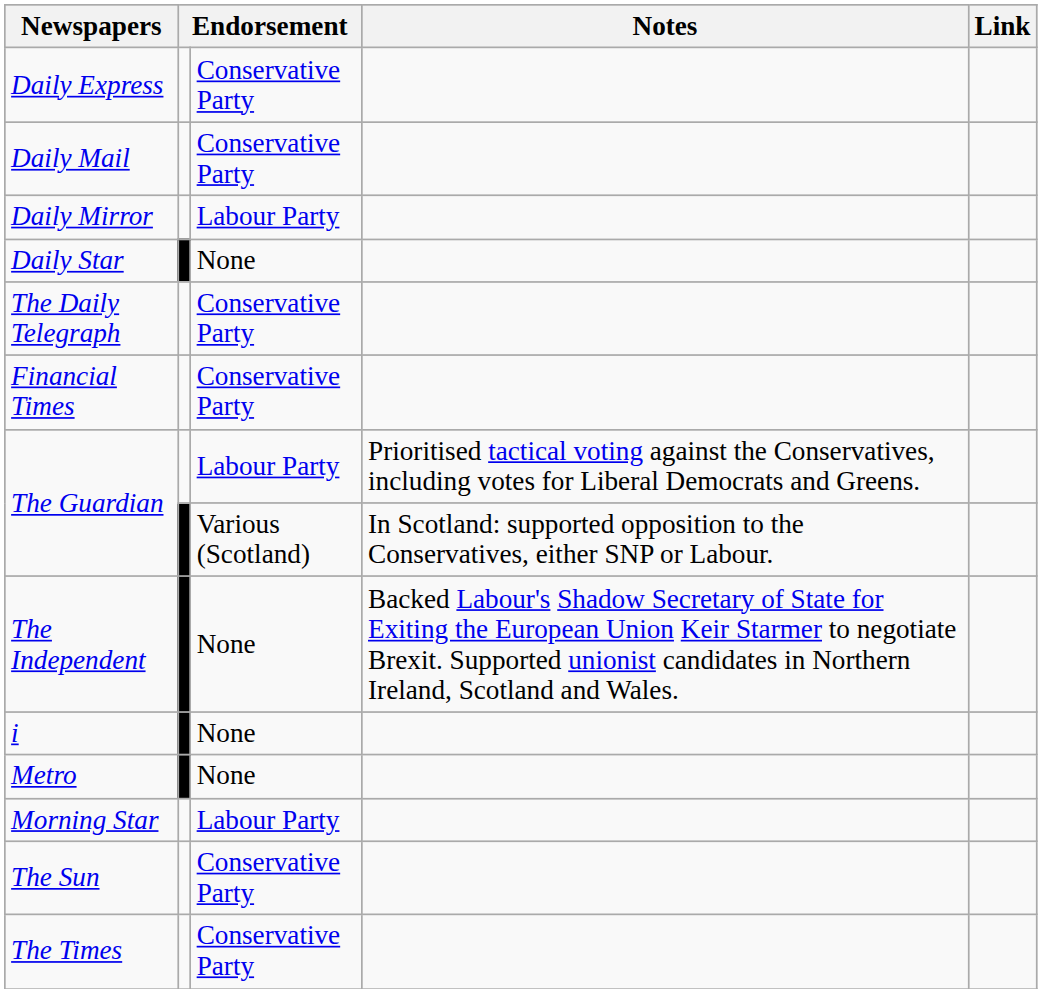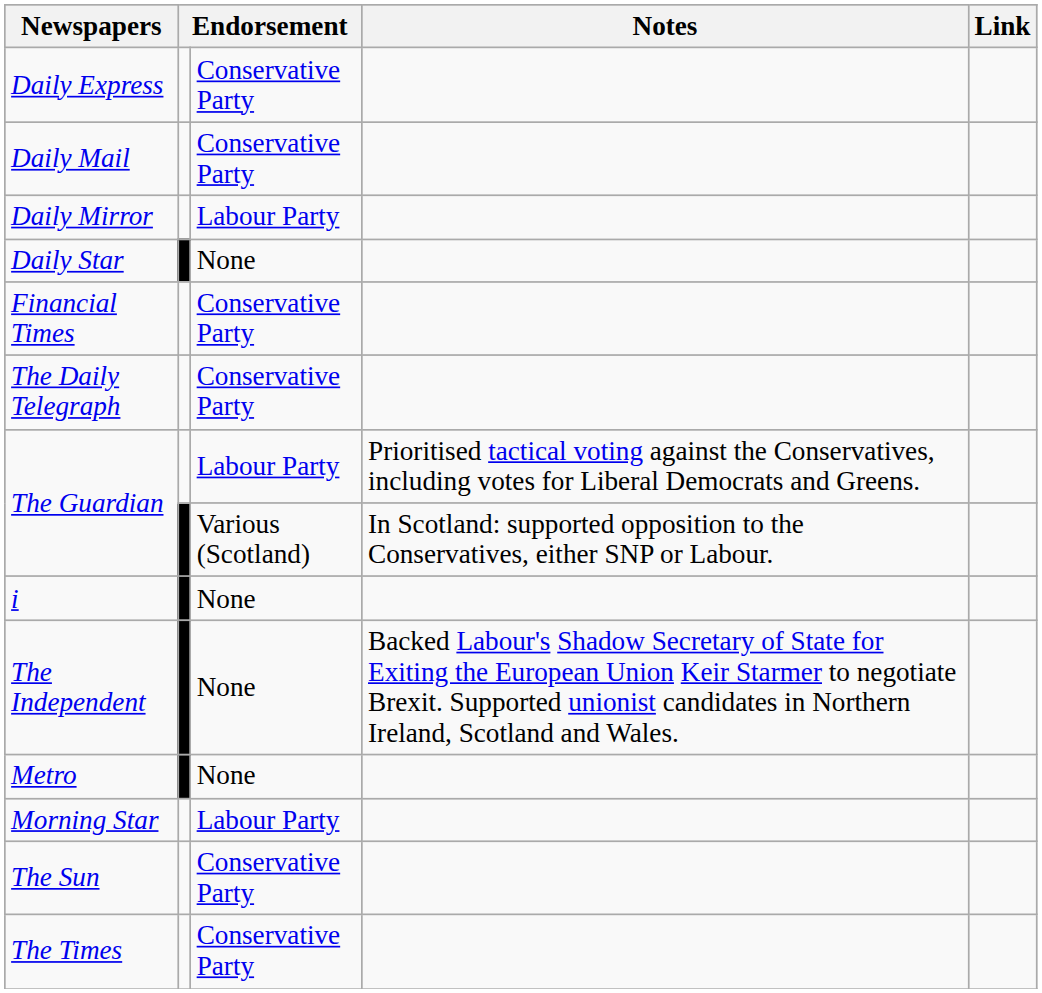 <table class="wikitable">
 <tr>
 <th>Newspapers</th>
 <th colspan=2>Endorsement</th>
 <th>Notes</th>
 <th>Link</th>
 </tr>
 <tr>
 <td><em><a href='#'>Daily Express</a></em></td>
 <td style="background-color: "></td>
 <td><a href='#'>Conservative Party</a></td>
 <td></td>
 <td></td>
 </tr>
 <tr>
 <td><em><a href='#'>Daily Mail</a></em></td>
 <td style="background-color: "></td>
 <td><a href='#'>Conservative Party</a></td>
 <td></td>
 <td></td>
 </tr>
 <tr>
 <td><em><a href='#'>Daily Mirror</a></em></td>
 <td style="background-color: "></td>
 <td><a href='#'>Labour Party</a></td>
 <td></td>
 <td></td>
 </tr>
 <tr>
 <td><em><a href='#'>Daily Star</a></em></td>
 <td style="background-color:black"></td>
 <td>None</td>
 <td></td>
 <td></td>
 </tr>
 <tr>
-<td><em><a href='#'>The Daily Telegraph</a></em></td>
+<td><em><a href='#'>Financial Times</a></em></td>
 <td style="background-color: "></td>
 <td><a href='#'>Conservative Party</a></td>
 <td></td>
 <td></td>
 </tr>
 <tr>
-<td><em><a href='#'>Financial Times</a></em></td>
+<td><em><a href='#'>The Daily Telegraph</a></em></td>
 <td style="background-color: "></td>
 <td><a href='#'>Conservative Party</a></td>
 <td></td>
 <td></td>
 </tr>
 <tr>
 <td rowspan="2"><em><a href='#'>The Guardian</a></em></td>
 <td style="background-color: "></td>
 <td><a href='#'>Labour Party</a></td>
 <td>Prioritised <a href='#'>tactical voting</a> against the Conservatives, including votes for Liberal Democrats and Greens.</td>
 <td></td>
 </tr>
 <tr>
 <td style="background-color:black"></td>
 <td>Various (Scotland)</td>
 <td>In Scotland: supported opposition to the Conservatives, either SNP or Labour.</td>
 <td></td>
 </tr>
 <tr>
+<td><em><a href='#'>i</a></em></td>
+<td style="background-color:black"></td>
+<td>None</td>
+<td></td>
+<td></td>
+</tr>
+<tr>
 <td><em><a href='#'>The Independent</a></em></td>
 <td style="background-color:black"></td>
 <td>None</td>
 <td>Backed <a href='#'>Labour's</a> <a href='#'>Shadow Secretary of State for Exiting the European Union</a> <a href='#'>Keir Starmer</a> to negotiate Brexit. Supported <a href='#'>unionist</a> candidates in Northern Ireland, Scotland and Wales.</td>
-<td></td>
-</tr>
-<tr>
-<td><em><a href='#'>i</a></em></td>
-<td style="background-color:black"></td>
-<td>None</td>
-<td></td>
 <td></td>
 </tr>
 <tr>
 <td><em><a href='#'>Metro</a></em></td>
 <td style="background-color:black"></td>
 <td>None</td>
 <td></td>
 <td></td>
 </tr>
 <tr>
 <td><em><a href='#'>Morning Star</a></em></td>
 <td style="background-color: "></td>
 <td><a href='#'>Labour Party</a></td>
 <td></td>
 <td></td>
 </tr>
 <tr>
 <td><em><a href='#'>The Sun</a></em></td>
 <td style="background-color: "></td>
 <td><a href='#'>Conservative Party</a></td>
 <td></td>
 <td></td>
 </tr>
 <tr>
 <td><em><a href='#'>The Times</a></em></td>
 <td style="background-color: "></td>
 <td><a href='#'>Conservative Party</a></td>
 <td></td>
 <td></td>
 </tr>
 </table>
